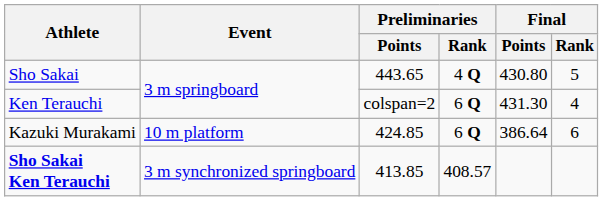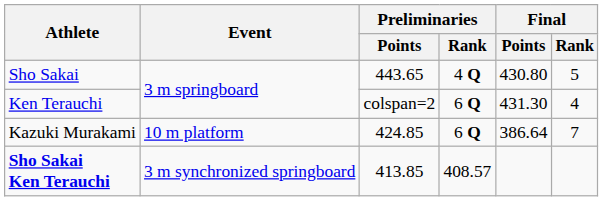 <table class=wikitable style=font-size:90%;text-align:center>
 <tr>
 <th rowspan="2">Athlete</th>
 <th rowspan="2">Event</th>
 <th colspan="2">Preliminaries</th>
 <th colspan="2">Final</th>
 </tr>
 <tr style="font-size:95%">
 <th>Points</th>
 <th>Rank</th>
 <th>Points</th>
 <th>Rank</th>
 </tr>
 <tr>
 <td style="text-align:left"><a href='#'>Sho Sakai</a></td>
 <td style="text-align:left" rowspan=2><a href='#'>3 m springboard</a></td>
 <td>443.65</td>
 <td>4 <strong>Q</strong></td>
 <td>430.80</td>
 <td>5</td>
 </tr>
 <tr>
 <td style="text-align:left"><a href='#'>Ken Terauchi</a></td>
 <td>colspan=2 </td>
 <td>6 <strong>Q</strong></td>
 <td>431.30</td>
 <td>4</td>
 </tr>
 <tr>
 <td style="text-align:left">Kazuki Murakami</td>
 <td style="text-align:left"><a href='#'>10 m platform</a></td>
 <td>424.85</td>
 <td>6 <strong>Q</strong></td>
 <td>386.64</td>
-<td>6</td>
+<td>7</td>
 </tr>
 <tr>
 <td style="text-align:left"><strong><a href='#'>Sho Sakai</a><br><a href='#'>Ken Terauchi</a></strong></td>
 <td style="text-align:left"><a href='#'>3 m synchronized springboard</a></td>
 <td>413.85</td>
 <td>408.57</td>
 <td></td>
 </tr>
 </table>
